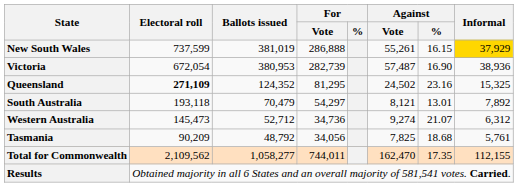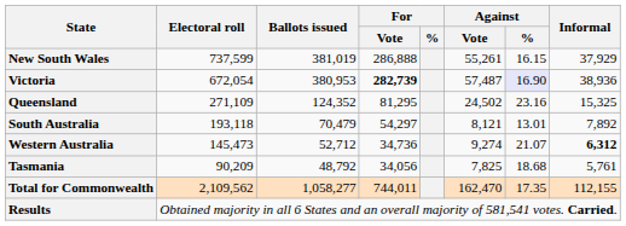 <table class="wikitable">
 <tr align=center>
 <th rowspan="2">State</th>
 <th rowspan="2">Electoral roll</th>
 <th rowspan="2">Ballots issued</th>
 <th align=center colspan="2">For</th>
 <th align=center colspan="2">Against</th>
 <th align=center rowspan="2">Informal</th>
 </tr>
 <tr>
 <th align=center>Vote</th>
 <th align=center>%</th>
 <th align=center>Vote</th>
 <th align=center>%</th>
 </tr>
 <tr align="right">
 <th style="text-align:left;">New South Wales</th>
 <td>737,599</td>
 <td>381,019</td>
 <td>286,888</td>
 <th></th>
 <td>55,261</td>
 <td>16.15</td>
-<td style="background: gold;">37,929</td>
+<td>37,929</td>
 </tr>
 <tr ---- align="right">
 <th style="text-align:left;">Victoria</th>
 <td>672,054</td>
 <td>380,953</td>
-<td>282,739</td>
+<td><strong>282,739</strong></td>
 <th></th>
 <td>57,487</td>
-<td>16.90</td>
+<td style="background: lavender;">16.90</td>
 <td>38,936</td>
 </tr>
 <tr ---- align="right">
 <th style="text-align:left">Queensland</th>
-<td><strong>271,109</strong></td>
+<td>271,109</td>
 <td>124,352</td>
 <td>81,295</td>
 <th></th>
 <td>24,502</td>
 <td>23.16</td>
 <td>15,325</td>
 </tr>
 <tr ---- align="right">
 <th style="text-align:left">South Australia</th>
 <td>193,118</td>
 <td>70,479</td>
 <td>54,297</td>
 <th></th>
 <td>8,121</td>
 <td>13.01</td>
 <td>7,892</td>
 </tr>
 <tr ---- align="right">
 <th style="text-align:left">Western Australia</th>
 <td>145,473</td>
 <td>52,712</td>
 <td>34,736</td>
 <th></th>
 <td>9,274</td>
 <td>21.07</td>
-<td>6,312</td>
+<td><strong>6,312</strong></td>
 </tr>
 <tr ---- align="right">
 <th style="text-align:left">Tasmania</th>
 <td>90,209</td>
 <td>48,792</td>
 <td>34,056</td>
 <th></th>
 <td>7,825</td>
 <td>18.68</td>
 <td>5,761</td>
 </tr>
 <tr bgcolor=#FFE0C0 align="right">
 <th style="text-align:left;">Total for Commonwealth</th>
 <td>2,109,562</td>
 <td>1,058,277</td>
 <td>744,011</td>
 <th></th>
 <td>162,470</td>
 <td>17.35</td>
 <td>112,155</td>
 </tr>
 <tr ---->
 <th style="text-align:left;">Results</th>
 <td colSpan="8"><em>Obtained majority in all 6 States and an overall majority of 581,541 votes.</em> <strong>Carried</strong>.</td>
 </tr>
 </table>
